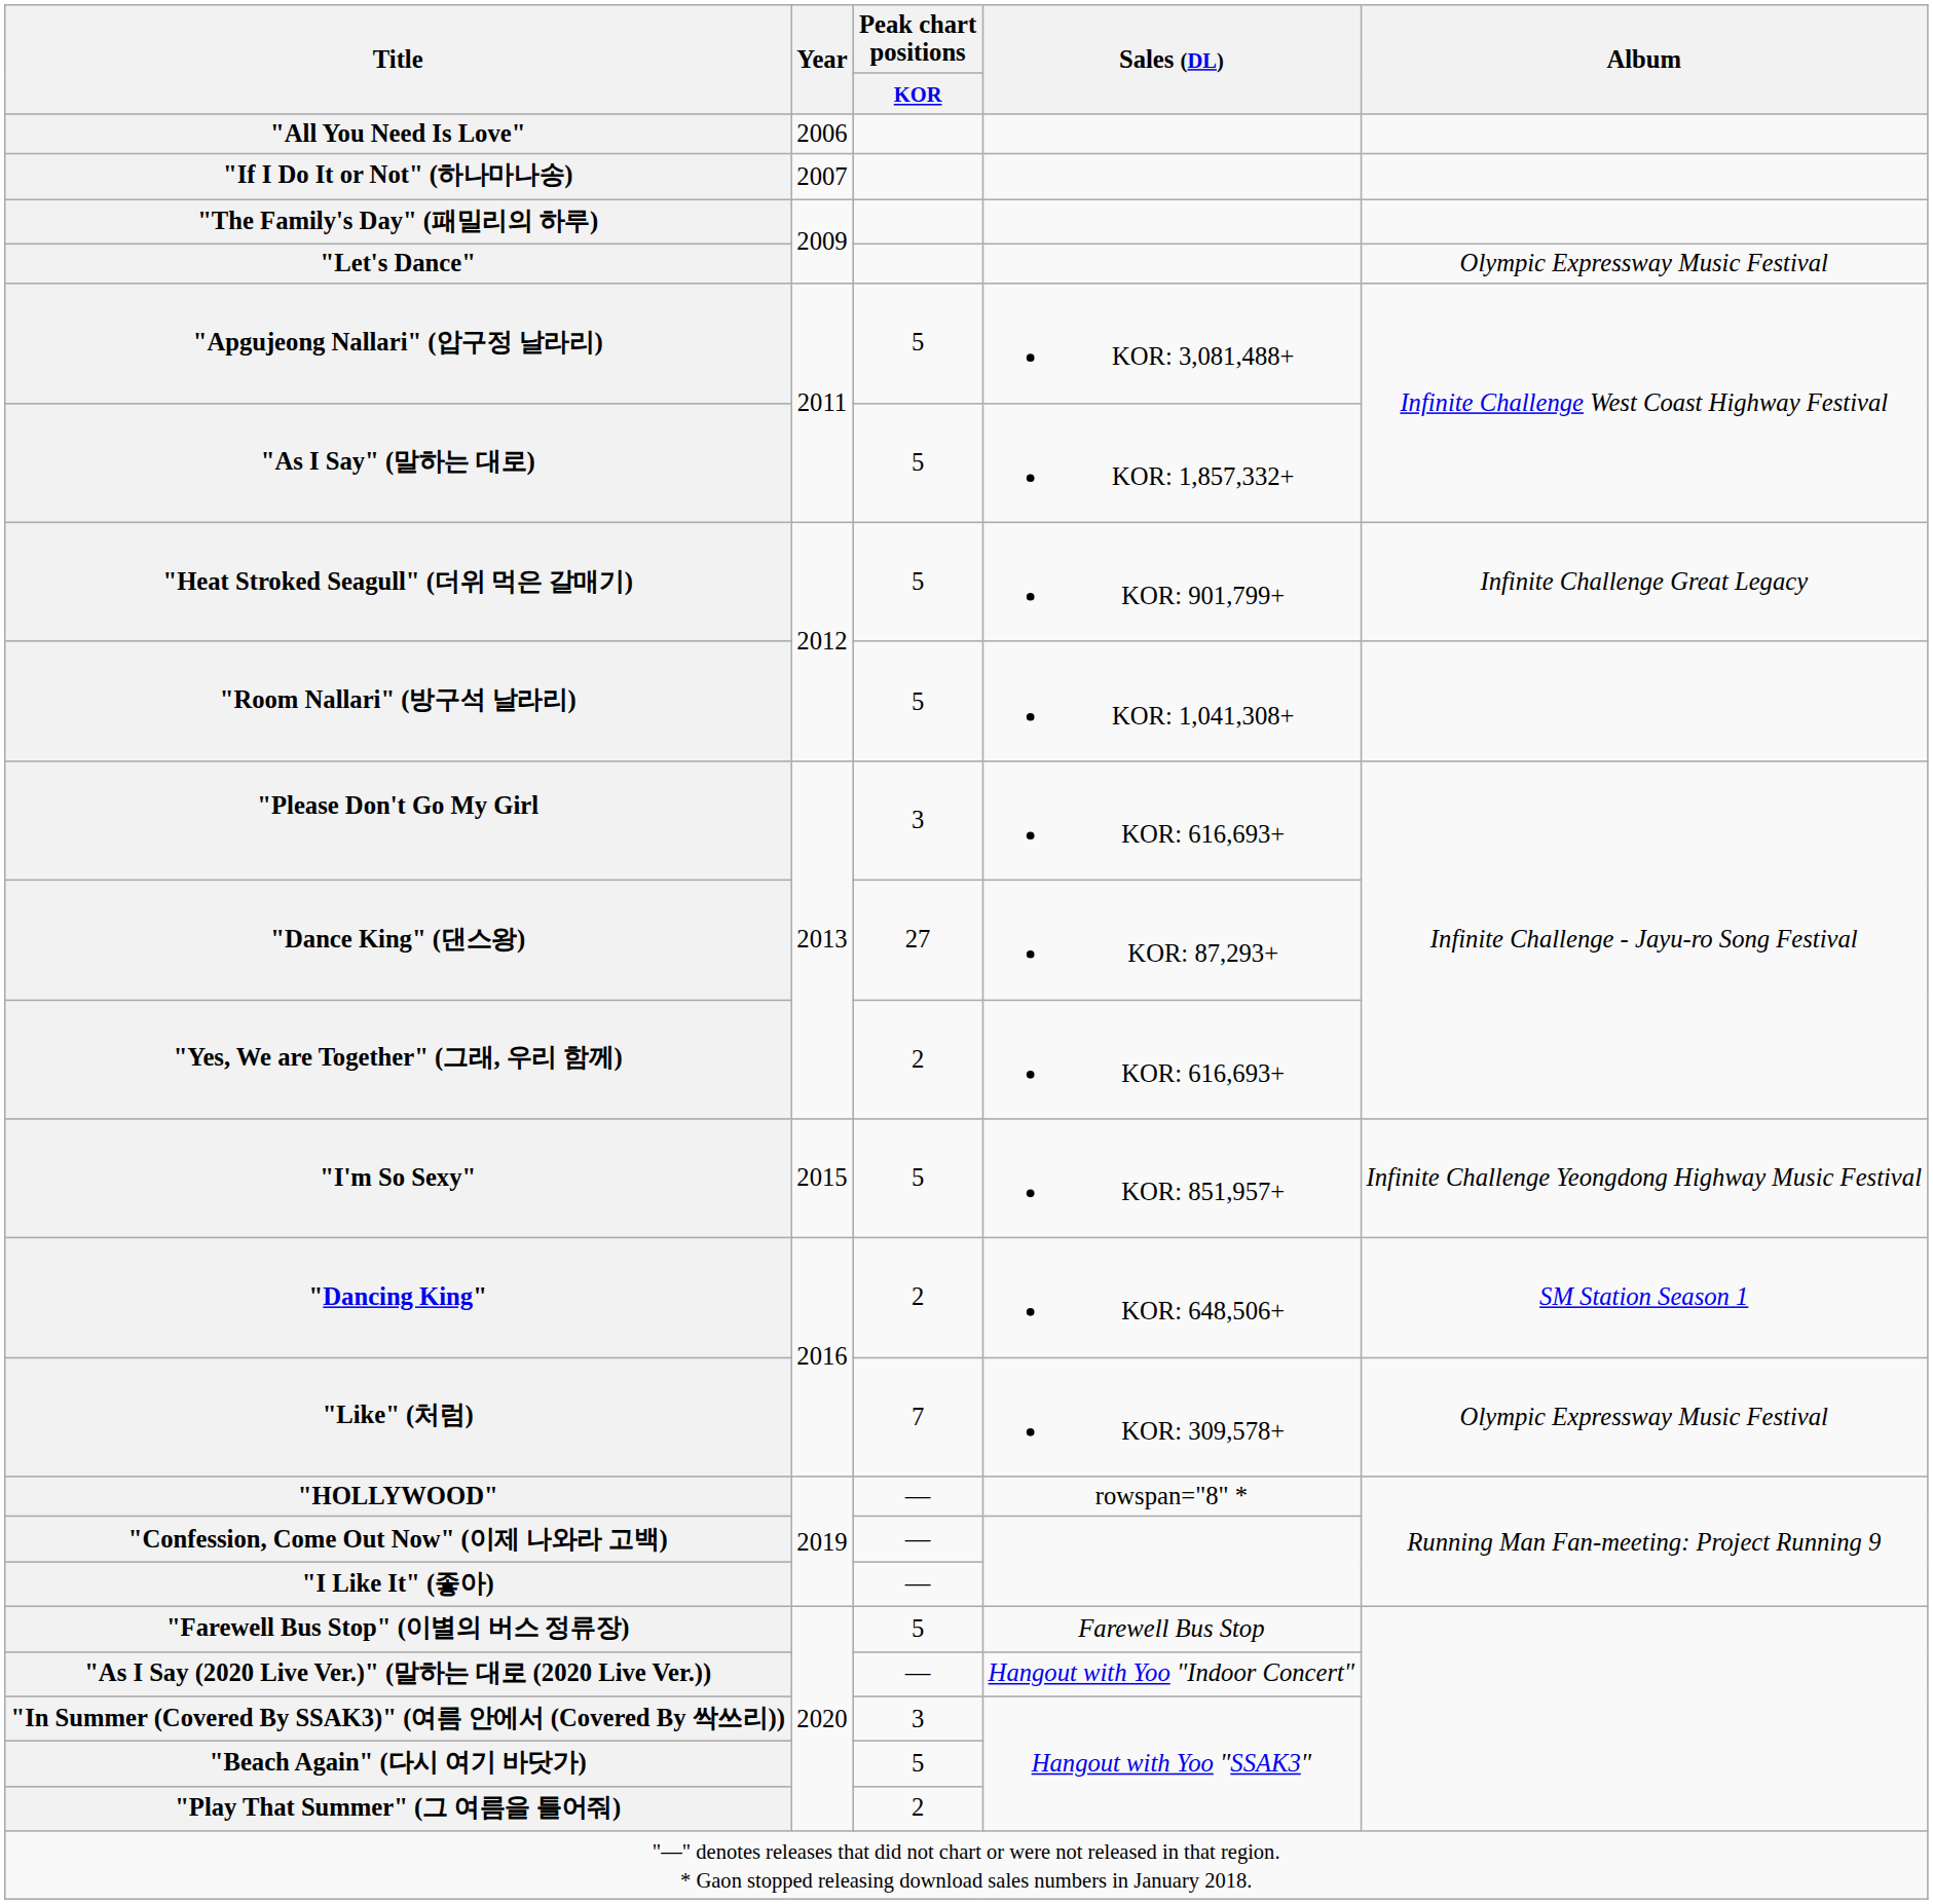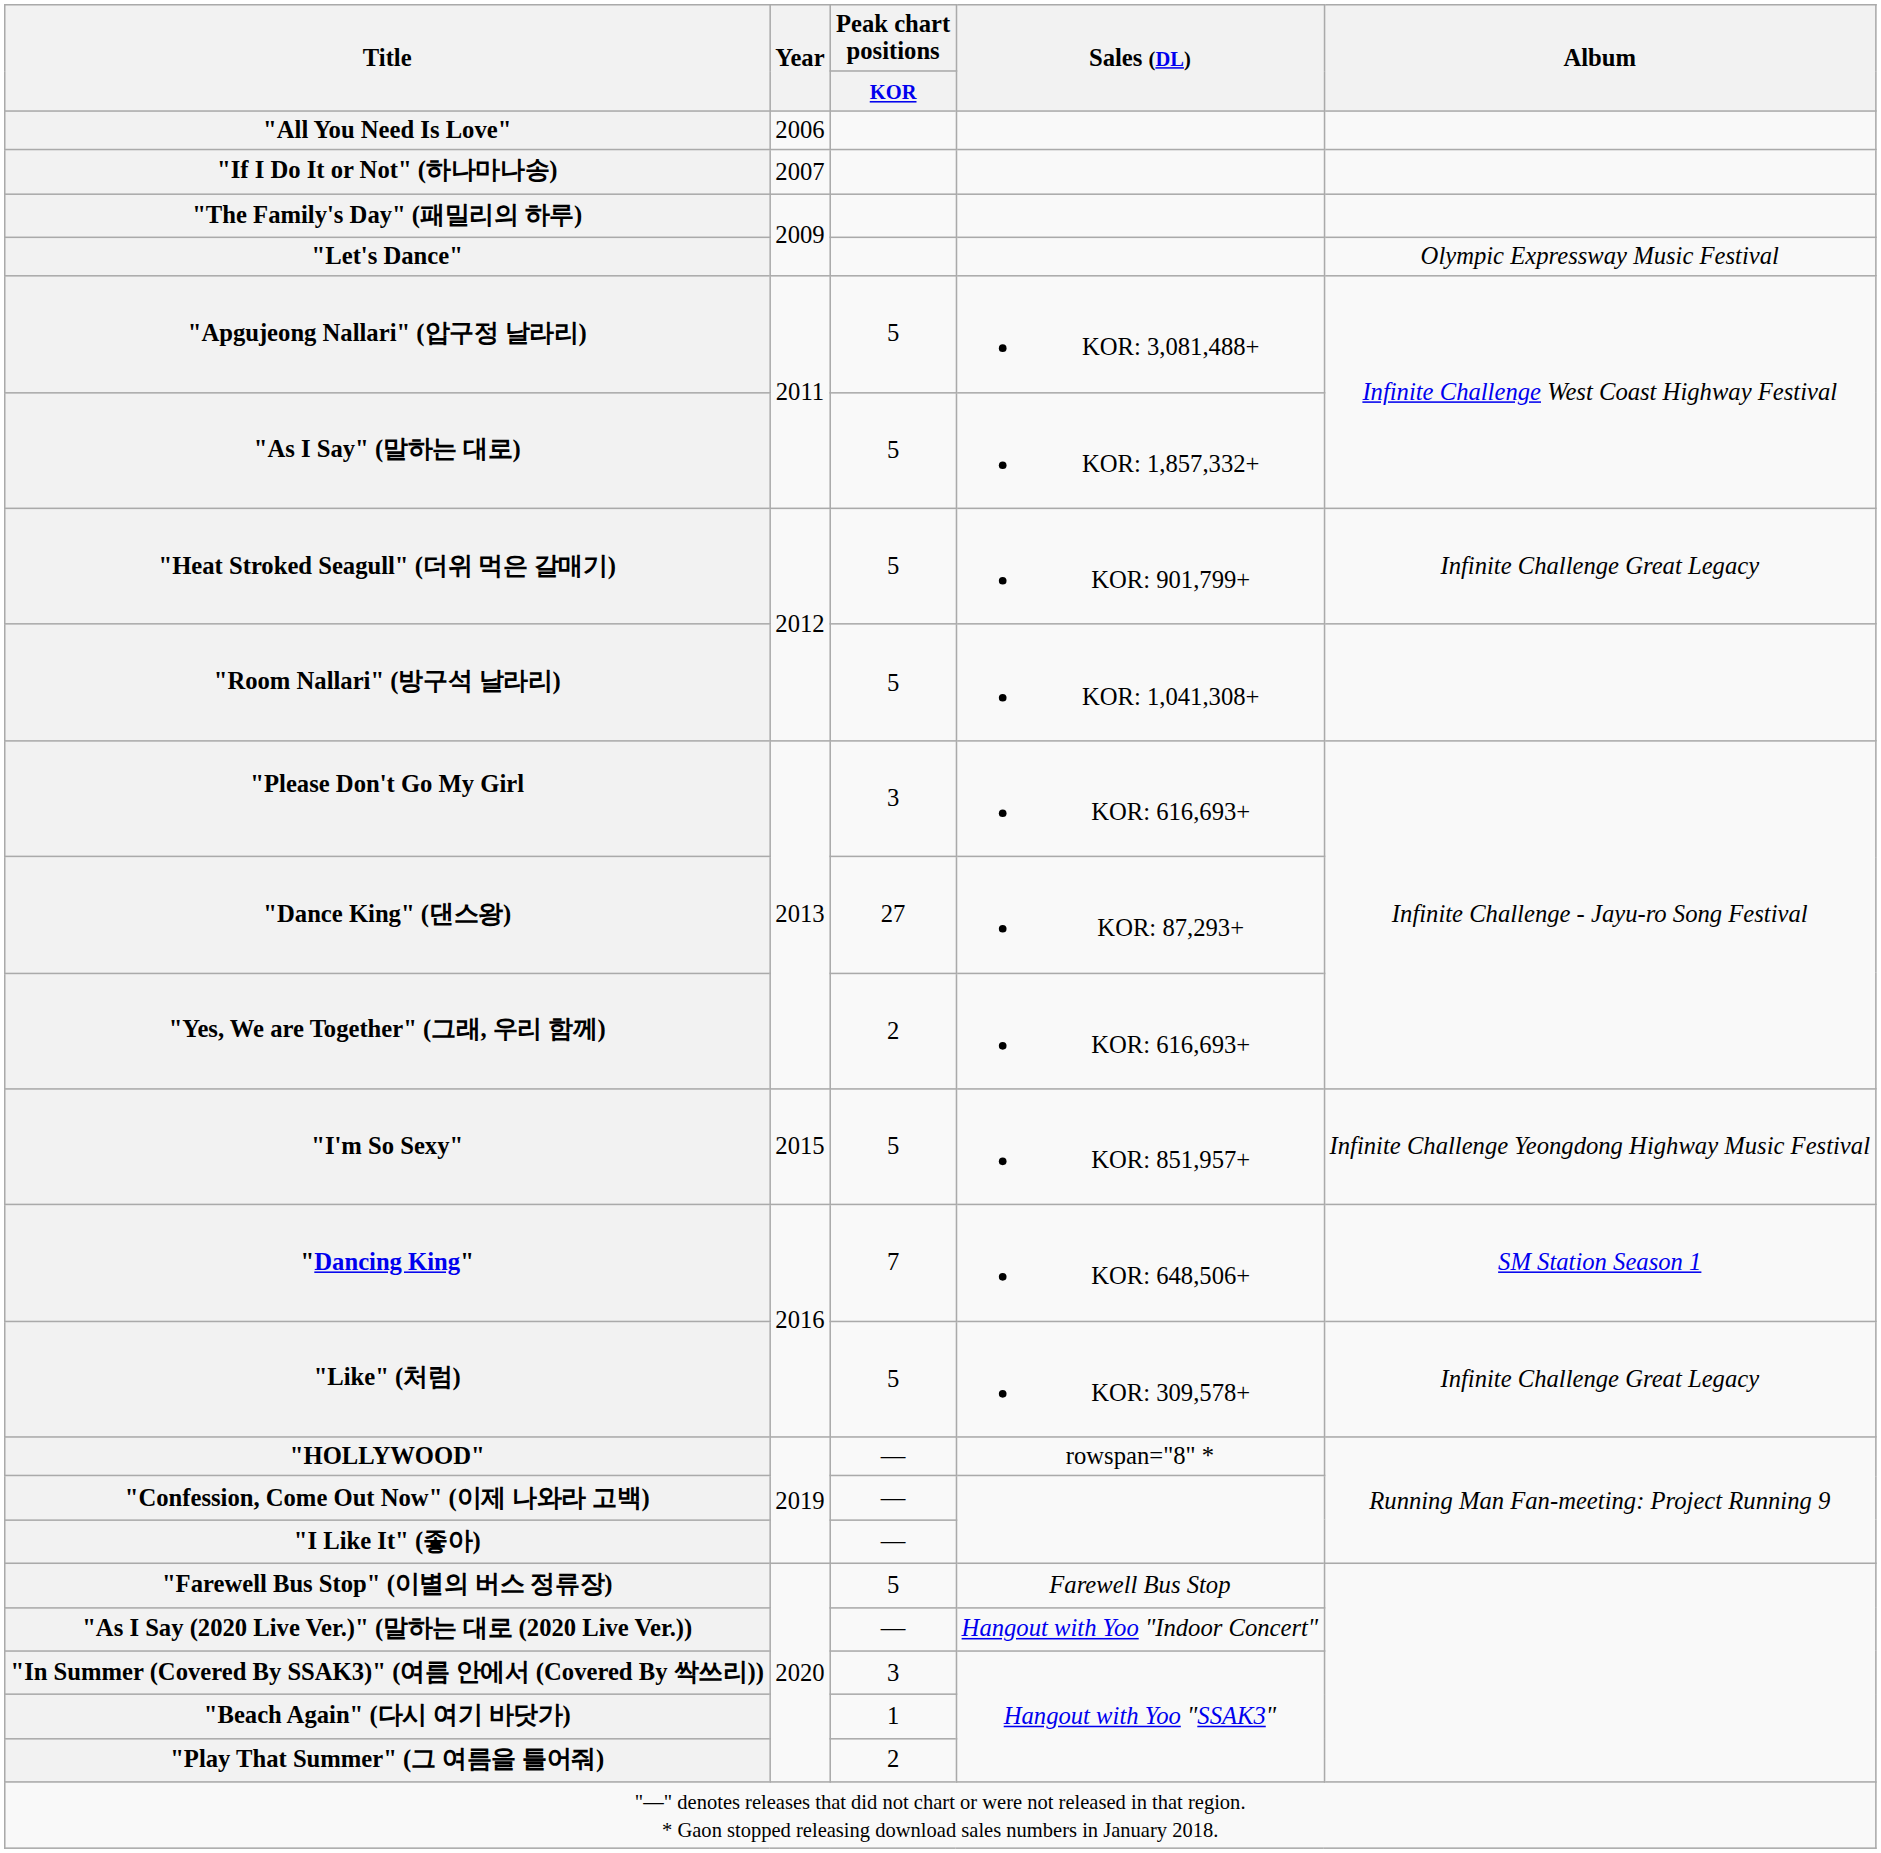 <table class="wikitable plainrowheaders" style="text-align:center;">
 <tr>
 <th scope="col" rowspan="2">Title</th>
 <th scope="col" rowspan="2">Year</th>
 <th scope="col" colspan="1">Peak chart <br> positions</th>
 <th scope="col" rowspan="2">Sales <small>(<a href='#'>DL</a>)</small></th>
 <th scope="col" rowspan="2">Album</th>
 </tr>
 <tr>
 <th><small><a href='#'>KOR</a></small><br></th>
 </tr>
 <tr>
 <th scope="row">"All You Need Is Love"<br></th>
 <td>2006</td>
 <td></td>
 <td></td>
 <td><em></em></td>
 </tr>
 <tr>
 <th scope="row">"If I Do It or Not" (하나마나송)<br></th>
 <td>2007</td>
 <td></td>
 <td></td>
 <td><em></em></td>
 </tr>
 <tr>
 <th scope="row">"The Family's Day" (패밀리의 하루)<br></th>
 <td rowspan="2">2009</td>
 <td></td>
 <td></td>
 <td><em></em></td>
 </tr>
 <tr>
 <th scope="row">"Let's Dance"<br></th>
 <td></td>
 <td></td>
 <td><em>Olympic Expressway Music Festival</em></td>
 </tr>
 <tr>
 <th scope="row">"Apgujeong Nallari" (압구정 날라리)<br></th>
 <td rowspan="2">2011</td>
 <td>5</td>
 <td><br><ul><li>KOR: 3,081,488+</li></ul></td>
 <td rowspan="2"><em><a href='#'>Infinite Challenge</a> West Coast Highway Festival</em></td>
 </tr>
 <tr>
 <th scope="row">"As I Say" (말하는 대로)<br></th>
 <td>5</td>
 <td><br><ul><li>KOR: 1,857,332+</li></ul></td>
 </tr>
 <tr>
 <th scope="row">"Heat Stroked Seagull" (더위 먹은 갈매기)<br></th>
 <td rowspan="2">2012</td>
 <td>5</td>
 <td><br><ul><li>KOR: 901,799+</li></ul></td>
 <td><em>Infinite Challenge Great Legacy</em></td>
 </tr>
 <tr>
 <th scope="row">"Room Nallari" (방구석 날라리)<br></th>
 <td>5</td>
 <td><br><ul><li>KOR: 1,041,308+</li></ul></td>
 <td><em></em></td>
 </tr>
 <tr>
 <th scope="row">"Please Don't Go My Girl<br><br></th>
 <td rowspan="3">2013</td>
 <td>3</td>
 <td><br><ul><li>KOR: 616,693+</li></ul></td>
 <td rowspan="3"><em>Infinite Challenge - Jayu-ro Song Festival</em></td>
 </tr>
 <tr>
 <th scope="row">"Dance King" (댄스왕)<br></th>
 <td>27</td>
 <td><br><ul><li>KOR: 87,293+</li></ul></td>
 </tr>
 <tr>
 <th scope="row">"Yes, We are Together" (그래, 우리 함께)<br></th>
 <td>2</td>
 <td><br><ul><li>KOR: 616,693+</li></ul></td>
 </tr>
 <tr>
 <th scope="row">"I'm So Sexy"<br></th>
 <td>2015</td>
 <td>5</td>
 <td><br><ul><li>KOR: 851,957+</li></ul></td>
 <td><em>Infinite Challenge Yeongdong Highway Music Festival</em></td>
 </tr>
 <tr>
 <th scope="row">"<a href='#'>Dancing King</a>"<br></th>
 <td rowspan="2">2016</td>
-<td>2</td>
+<td>7</td>
 <td><br><ul><li>KOR: 648,506+</li></ul></td>
 <td><em><a href='#'>SM Station Season 1</a></em></td>
 </tr>
 <tr>
 <th scope="row">"Like" (처럼)<br></th>
-<td>7</td>
+<td>5</td>
 <td><br><ul><li>KOR: 309,578+</li></ul></td>
-<td><em>Olympic Expressway Music Festival</em></td>
+<td><em>Infinite Challenge Great Legacy</em></td>
 </tr>
 <tr>
 <th scope="row">"HOLLYWOOD"<br></th>
 <td rowspan="3">2019</td>
 <td>—</td>
 <td>rowspan="8" *</td>
 <td rowspan="3"><em>Running Man Fan-meeting: Project Running 9</em></td>
 </tr>
 <tr>
 <th scope="row">"Confession, Come Out Now" (이제 나와라 고백)<br></th>
 <td>—</td>
 </tr>
 <tr>
 <th scope="row">"I Like It" (좋아)<br></th>
 <td>—</td>
 </tr>
 <tr>
 <th scope="row">"Farewell Bus Stop" (이별의 버스 정류장) <br></th>
 <td rowspan="5">2020</td>
 <td>5</td>
 <td><em>Farewell Bus Stop</em></td>
 </tr>
 <tr>
 <th scope="row">"As I Say (2020 Live Ver.)" (말하는 대로 (2020 Live Ver.)) <br></th>
 <td>—</td>
 <td><em><a href='#'>Hangout with Yoo</a> "Indoor Concert"</em></td>
 </tr>
 <tr>
 <th scope="row">"In Summer (Covered By SSAK3)" (여름 안에서 (Covered By 싹쓰리)) <br></th>
 <td>3</td>
 <td rowspan="3"><em><a href='#'>Hangout with Yoo</a> "<a href='#'>SSAK3</a>"</em></td>
 </tr>
 <tr>
 <th scope="row">"Beach Again" (다시 여기 바닷가) <br></th>
-<td>5</td>
+<td>1</td>
 </tr>
 <tr>
 <th scope="row">"Play That Summer" (그 여름을 틀어줘) <br></th>
 <td>2</td>
 </tr>
 <tr>
 <td colspan="5"><small>"—" denotes releases that did not chart or were not released in that region. <br> * Gaon stopped releasing download sales numbers in January 2018.</small></td>
 </tr>
 </table>
